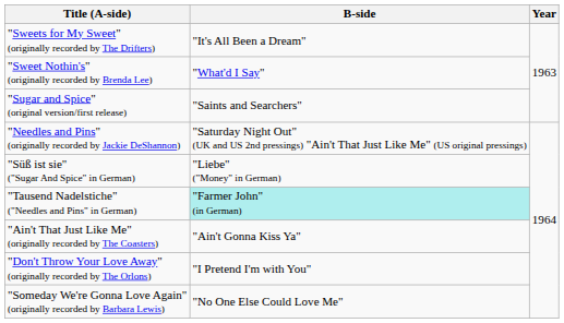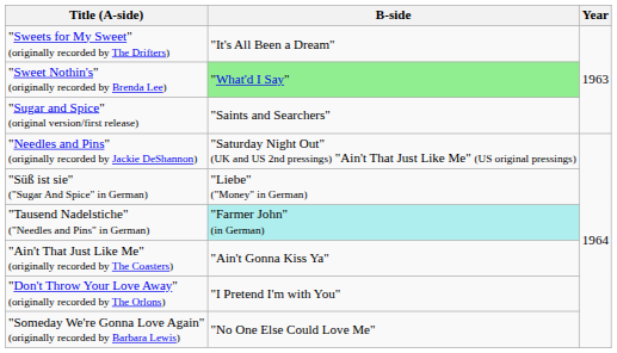 <table class="wikitable">
 <tr>
 <th>Title (A-side)</th>
 <th>B-side</th>
 <th>Year</th>
 </tr>
 <tr>
 <td>"<a href='#'>Sweets for My Sweet</a>"<br><small>(originally recorded by <a href='#'>The Drifters</a>)</small></td>
 <td>"It's All Been a Dream"</td>
 <td rowspan="3">1963</td>
 </tr>
 <tr>
 <td>"<a href='#'>Sweet Nothin's</a>"<br><small>(originally recorded by <a href='#'>Brenda Lee</a>)</small></td>
-<td>"<a href='#'>What'd I Say</a>"</td>
+<td style="background: lightgreen;">"<a href='#'>What'd I Say</a>"</td>
 </tr>
 <tr>
 <td>"<a href='#'>Sugar and Spice</a>"<br><small>(original version/first release)</small></td>
 <td>"Saints and Searchers"</td>
 </tr>
 <tr>
 <td>"<a href='#'>Needles and Pins</a>"<br><small>(originally recorded by <a href='#'>Jackie DeShannon</a>)</small></td>
 <td>"Saturday Night Out"<br><small>(UK and US 2nd pressings)</small> "Ain't That Just Like Me" <small>(US original pressings)</small></td>
 <td rowspan="6">1964</td>
 </tr>
 <tr>
 <td>"Süß ist sie"<br><small>("Sugar And Spice" in German)</small></td>
 <td>"Liebe"<br><small>("Money" in German)</small></td>
 </tr>
 <tr>
 <td>"Tausend Nadelstiche"<br><small>("Needles and Pins" in German)</small></td>
 <td style="background: paleturquoise;">"Farmer John"<br><small>(in German)</small></td>
 </tr>
 <tr>
 <td>"Ain't That Just Like Me"<br><small>(originally recorded by <a href='#'>The Coasters</a>)</small></td>
 <td>"Ain't Gonna Kiss Ya"</td>
 </tr>
 <tr>
 <td>"<a href='#'>Don't Throw Your Love Away</a>"<br><small>(originally recorded by <a href='#'>The Orlons</a>)</small></td>
 <td>"I Pretend I'm with You"</td>
 </tr>
 <tr>
 <td>"Someday We're Gonna Love Again"<br><small>(originally recorded by <a href='#'>Barbara Lewis</a>)</small></td>
 <td>"No One Else Could Love Me"</td>
 </tr>
 </table>
